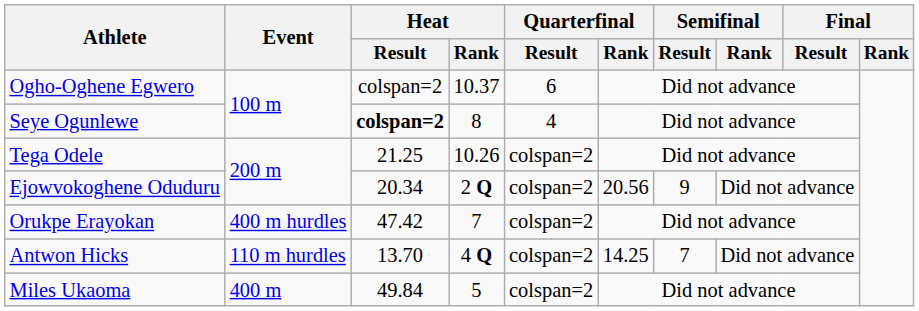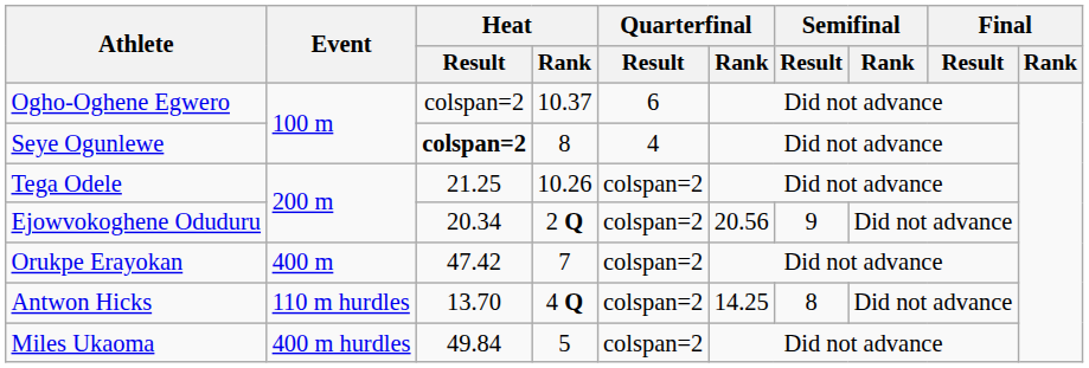 <table class="wikitable" style="font-size:90%">
 <tr>
 <th rowspan="2">Athlete</th>
 <th rowspan="2">Event</th>
 <th colspan="2">Heat</th>
 <th colspan="2">Quarterfinal</th>
 <th colspan="2">Semifinal</th>
 <th colspan="2">Final</th>
 </tr>
 <tr style="font-size:95%">
 <th>Result</th>
 <th>Rank</th>
 <th>Result</th>
 <th>Rank</th>
 <th>Result</th>
 <th>Rank</th>
 <th>Result</th>
 <th>Rank</th>
 </tr>
 <tr align=center>
 <td align=left><a href='#'>Ogho-Oghene Egwero</a></td>
 <td align=left rowspan=2><a href='#'>100 m</a></td>
 <td>colspan=2 </td>
 <td>10.37</td>
 <td>6</td>
 <td colspan=4>Did not advance</td>
 </tr>
 <tr align=center>
 <td align=left><a href='#'>Seye Ogunlewe</a></td>
 <td><strong>colspan=2 </strong></td>
 <td>8</td>
 <td>4</td>
 <td colspan=4>Did not advance</td>
 </tr>
 <tr align=center>
 <td align=left><a href='#'>Tega Odele</a></td>
 <td align=left rowspan=2><a href='#'>200 m</a></td>
 <td>21.25</td>
 <td>10.26</td>
 <td>colspan=2 </td>
 <td colspan=4>Did not advance</td>
 </tr>
 <tr align=center>
 <td align=left><a href='#'>Ejowvokoghene Oduduru</a></td>
 <td>20.34</td>
 <td>2 <strong>Q</strong></td>
 <td>colspan=2 </td>
 <td>20.56</td>
 <td>9</td>
 <td colspan=2>Did not advance</td>
 </tr>
 <tr align=center>
 <td align=left><a href='#'>Orukpe Erayokan</a></td>
-<td align=left><a href='#'>400 m hurdles</a></td>
+<td align=left><a href='#'>400 m</a></td>
 <td>47.42</td>
 <td>7</td>
 <td>colspan=2 </td>
 <td colspan=4>Did not advance</td>
 </tr>
 <tr align=center>
 <td align=left><a href='#'>Antwon Hicks</a></td>
 <td align=left><a href='#'>110 m hurdles</a></td>
 <td>13.70</td>
 <td>4 <strong>Q</strong></td>
 <td>colspan=2 </td>
 <td>14.25</td>
-<td>7</td>
+<td>8</td>
 <td colspan=2>Did not advance</td>
 </tr>
 <tr align=center>
 <td align=left><a href='#'>Miles Ukaoma</a></td>
-<td align=left><a href='#'>400 m</a></td>
+<td align=left><a href='#'>400 m hurdles</a></td>
 <td>49.84</td>
 <td>5</td>
 <td>colspan=2 </td>
 <td colspan=4>Did not advance</td>
 </tr>
 </table>
